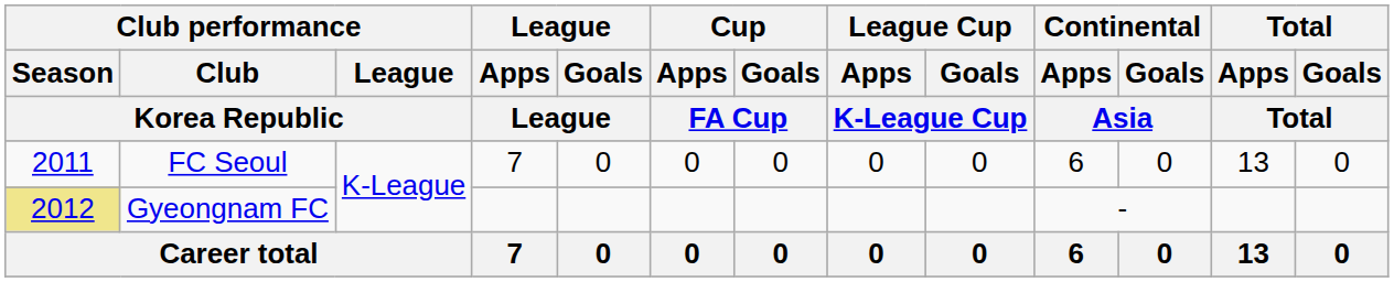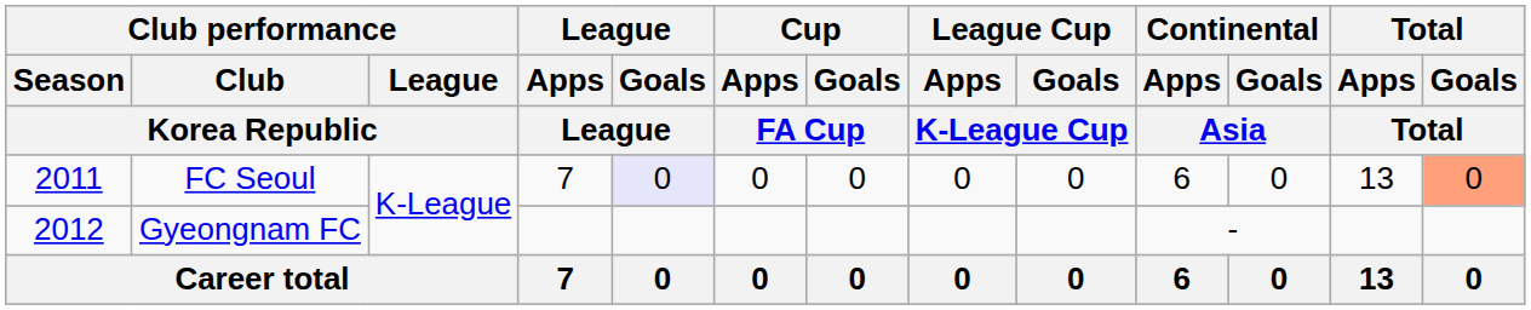 <table class="wikitable" style="text-align:center;">
 <tr>
 <th colspan=3>Club performance</th>
 <th colspan=2>League</th>
 <th colspan=2>Cup</th>
 <th colspan=2>League Cup</th>
 <th colspan=2>Continental</th>
 <th colspan=2>Total</th>
 </tr>
 <tr>
 <th>Season</th>
 <th>Club</th>
 <th>League</th>
 <th>Apps</th>
 <th>Goals</th>
 <th>Apps</th>
 <th>Goals</th>
 <th>Apps</th>
 <th>Goals</th>
 <th>Apps</th>
 <th>Goals</th>
 <th>Apps</th>
 <th>Goals</th>
 </tr>
 <tr>
 <th colspan=3>Korea Republic</th>
 <th colspan=2>League</th>
 <th colspan=2><a href='#'>FA Cup</a></th>
 <th colspan=2><a href='#'>K-League Cup</a></th>
 <th colspan=2><a href='#'>Asia</a></th>
 <th colspan=2>Total</th>
 </tr>
 <tr>
 <td><a href='#'>2011</a></td>
 <td rowspan=1><a href='#'>FC Seoul</a></td>
 <td rowspan=2><a href='#'>K-League</a></td>
 <td>7</td>
-<td>0</td>
+<td style="background: lavender;">0</td>
 <td>0</td>
 <td>0</td>
 <td>0</td>
 <td>0</td>
 <td>6</td>
 <td>0</td>
 <td>13</td>
-<td>0</td>
+<td style="background: lightsalmon;">0</td>
 </tr>
 <tr>
-<td style="background: khaki;"><a href='#'>2012</a></td>
+<td><a href='#'>2012</a></td>
 <td rowspan=1><a href='#'>Gyeongnam FC</a></td>
 <td></td>
 <td></td>
 <td></td>
 <td></td>
 <td></td>
 <td></td>
 <td colspan=2>-</td>
 <td></td>
 <td></td>
 </tr>
 <tr>
 <th colspan=3>Career total</th>
 <th>7</th>
 <th>0</th>
 <th>0</th>
 <th>0</th>
 <th>0</th>
 <th>0</th>
 <th>6</th>
 <th>0</th>
 <th>13</th>
 <th>0</th>
 </tr>
 </table>
